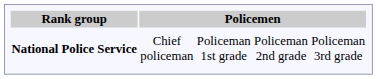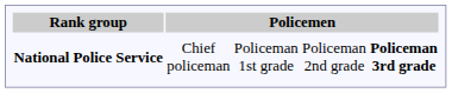 <table style="border:1px solid #8888aa; background-color:#f7f8ff; padding:5px; font-size:95%; margin: 0px 12px 12px 0px;">
 <tr style="background:#ccc;">
 <th>Rank group</th>
 <th colspan=4>Policemen</th>
 </tr>
 <tr style="text-align:center;">
 <td rowspan=3> <strong>National Police Service</strong></td>
 <td></td>
 <td></td>
 <td></td>
 <td></td>
 </tr>
 <tr style="text-align:center;">
 <td>Chief<br>policeman</td>
 <td>Policeman<br>1st grade</td>
 <td>Policeman<br>2nd grade</td>
-<td>Policeman<br>3rd grade</td>
+<td><strong>Policeman<br>3rd grade</strong></td>
 </tr>
 <tr style="text-align:center;">
 <td></td>
 <td></td>
 <td></td>
 <td></td>
 </tr>
 </table>
